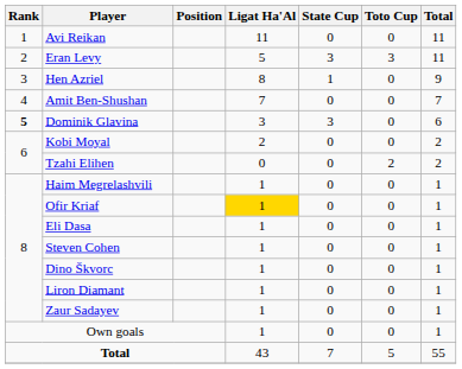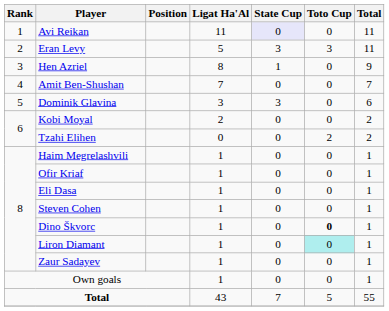 <table class="wikitable">
 <tr>
 <th>Rank</th>
 <th style="width:150px;">Player</th>
 <th>Position</th>
 <th>Ligat Ha'Al</th>
 <th>State Cup</th>
 <th>Toto Cup</th>
 <th>Total</th>
 </tr>
 <tr>
 <td align=center>1</td>
 <td> <a href='#'>Avi Reikan</a></td>
 <td align=center></td>
 <td align=center>11</td>
-<td align=center>0</td>
+<td align=center style="background: lavender;">0</td>
 <td align=center>0</td>
 <td align=center>11</td>
 </tr>
 <tr>
 <td align=center>2</td>
 <td> <a href='#'>Eran Levy</a></td>
 <td align=center></td>
 <td align=center>5</td>
 <td align=center>3</td>
 <td align=center>3</td>
 <td align=center>11</td>
 </tr>
 <tr>
 <td align=center>3</td>
 <td> <a href='#'>Hen Azriel</a></td>
 <td align=center></td>
 <td align=center>8</td>
 <td align=center>1</td>
 <td align=center>0</td>
 <td align=center>9</td>
 </tr>
 <tr>
 <td align=center>4</td>
 <td> <a href='#'>Amit Ben-Shushan</a></td>
 <td align=center></td>
 <td align=center>7</td>
 <td align=center>0</td>
 <td align=center>0</td>
 <td align=center>7</td>
 </tr>
 <tr>
-<td align=center><strong>5</strong></td>
+<td align=center>5</td>
 <td> <a href='#'>Dominik Glavina</a></td>
 <td align=center></td>
 <td align=center>3</td>
 <td align=center>3</td>
 <td align=center>0</td>
 <td align=center>6</td>
 </tr>
 <tr>
 <td align=center rowspan=2>6</td>
 <td> <a href='#'>Kobi Moyal</a></td>
 <td align=center></td>
 <td align=center>2</td>
 <td align=center>0</td>
 <td align=center>0</td>
 <td align=center>2</td>
 </tr>
 <tr>
 <td> <a href='#'>Tzahi Elihen</a></td>
 <td align=center></td>
 <td align=center>0</td>
 <td align=center>0</td>
 <td align=center>2</td>
 <td align=center>2</td>
 </tr>
 <tr>
 <td align=center rowspan=7>8</td>
 <td> <a href='#'>Haim Megrelashvili</a></td>
 <td align=center></td>
 <td align=center>1</td>
 <td align=center>0</td>
 <td align=center>0</td>
 <td align=center>1</td>
 </tr>
 <tr>
 <td> <a href='#'>Ofir Kriaf</a></td>
 <td align=center></td>
-<td align=center style="background: gold;">1</td>
+<td align=center>1</td>
 <td align=center>0</td>
 <td align=center>0</td>
 <td align=center>1</td>
 </tr>
 <tr>
 <td> <a href='#'>Eli Dasa</a></td>
 <td align=center></td>
 <td align=center>1</td>
 <td align=center>0</td>
 <td align=center>0</td>
 <td align=center>1</td>
 </tr>
 <tr>
 <td> <a href='#'>Steven Cohen</a></td>
 <td align=center></td>
 <td align=center>1</td>
 <td align=center>0</td>
 <td align=center>0</td>
 <td align=center>1</td>
 </tr>
 <tr>
 <td> <a href='#'>Dino Škvorc</a></td>
 <td align=center></td>
 <td align=center>1</td>
 <td align=center>0</td>
-<td align=center>0</td>
+<td align=center><strong>0</strong></td>
 <td align=center>1</td>
 </tr>
 <tr>
 <td> <a href='#'>Liron Diamant</a></td>
 <td align=center></td>
 <td align=center>1</td>
 <td align=center>0</td>
-<td align=center>0</td>
+<td align=center style="background: paleturquoise;">0</td>
 <td align=center>1</td>
 </tr>
 <tr>
 <td> <a href='#'>Zaur Sadayev</a></td>
 <td align=center></td>
 <td align=center>1</td>
 <td align=center>0</td>
 <td align=center>0</td>
 <td align=center>1</td>
 </tr>
 <tr>
 <td align=center colspan=3>Own goals</td>
 <td align=center>1</td>
 <td align=center>0</td>
 <td align=center>0</td>
 <td align=center>1</td>
 </tr>
 <tr>
 <td align=center colspan=3><strong>Total</strong></td>
 <td align=center>43</td>
 <td align=center>7</td>
 <td align=center>5</td>
 <td align=center>55</td>
 </tr>
 <tr>
 </tr>
 </table>
